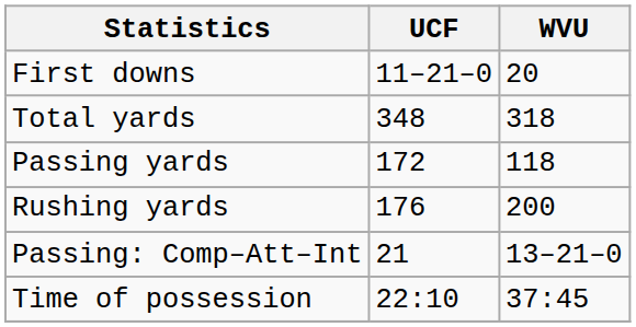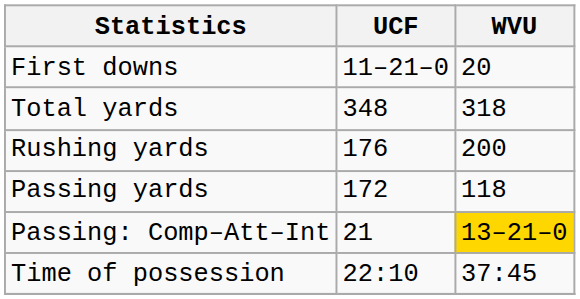 <table class="wikitable" style="float: left;">
 <tr>
 <th>Statistics</th>
 <th>UCF</th>
 <th>WVU</th>
 </tr>
 <tr>
 <td>First downs</td>
 <td>11–21–0</td>
 <td>20</td>
 </tr>
 <tr>
 <td>Total yards</td>
 <td>348</td>
 <td>318</td>
 </tr>
 <tr>
+<td>Rushing yards</td>
+<td>176</td>
+<td>200</td>
+</tr>
+<tr>
 <td>Passing yards</td>
 <td>172</td>
 <td>118</td>
 </tr>
 <tr>
-<td>Rushing yards</td>
-<td>176</td>
-<td>200</td>
-</tr>
-<tr>
 <td>Passing: Comp–Att–Int</td>
 <td>21</td>
-<td>13–21–0</td>
+<td style="background: gold;">13–21–0</td>
 </tr>
 <tr>
 <td>Time of possession</td>
 <td>22:10</td>
 <td>37:45</td>
 </tr>
 <tr>
 </tr>
 </table>
